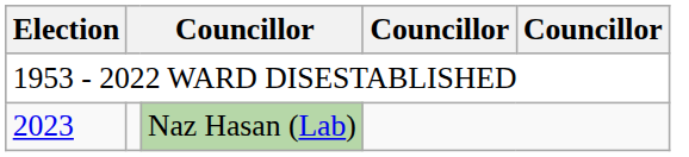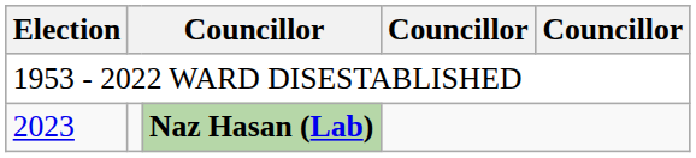 <table class="wikitable">
 <tr>
 <th>Election</th>
 <th colspan="2">Councillor</th>
 <th colspan="2">Councillor</th>
 <th colspan="2">Councillor</th>
 </tr>
 <tr>
 <td colspan="8" bgcolor="#FFF"><div>1953 - 2022 WARD DISESTABLISHED</div></td>
 </tr>
 <tr>
 <td><a href='#'>2023</a></td>
 <td style="background-color: "></td>
-<td bgcolor="#B6D7A8">Naz Hasan (<a href='#'>Lab</a>)</td>
+<td bgcolor="#B6D7A8"><strong>Naz Hasan (<a href='#'>Lab</a>)</strong></td>
 </tr>
 </table>
